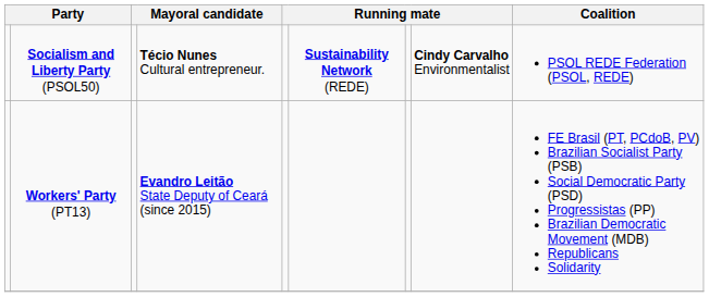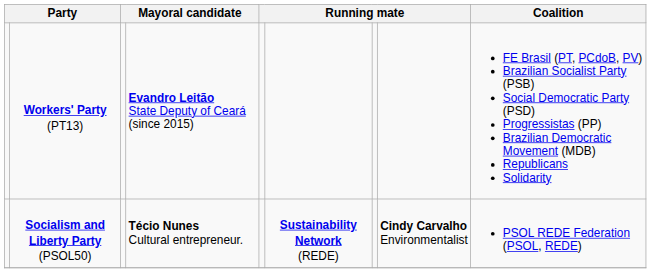 <table class="vertical-align-top wikitable">
 <tr>
 <th scope=colgroup colspan=2>Party</th>
 <th scope=colgroup colspan=2>Mayoral candidate</th>
 <th colspan="4">Running mate</th>
 <th scope="col">Coalition</th>
+</tr>
+<tr>
+<td style="background:"></td>
+<td style="text-align:center; line-height:1.3"><br><strong><a href='#'>Workers' Party</a></strong><br>(PT13)</td>
+<td></td>
+<td><strong><a href='#'>Evandro Leitão</a></strong><br><a href='#'>State Deputy of Ceará</a> (since 2015)</td>
+<td></td>
+<td></td>
+<td></td>
+<td></td>
+<td><br><ul><li><a href='#'>FE Brasil</a> (<a href='#'>PT</a>, <a href='#'>PCdoB</a>, <a href='#'>PV</a>)</li><li><a href='#'>Brazilian Socialist Party</a> (PSB)</li><li><a href='#'>Social Democratic Party</a> (PSD)</li><li><a href='#'>Progressistas</a> (PP)</li><li><a href='#'>Brazilian Democratic Movement</a> (MDB)</li><li><a href='#'>Republicans</a></li><li><a href='#'>Solidarity</a></li></ul></td>
 </tr>
 <tr>
 <td style="background:"></td>
 <td style="text-align:center; line-height:1.3"><br><strong><a href='#'>Socialism and Liberty Party</a></strong><br>(PSOL50)</td>
 <td></td>
 <td><strong>Técio Nunes</strong><br>Cultural entrepreneur.</td>
 <td style="background:"></td>
 <td style="text-align:center; line-height:1.3"><br><strong><a href='#'>Sustainability Network</a></strong><br>(REDE)</td>
 <td></td>
 <td><strong>Cindy Carvalho</strong><br>Environmentalist</td>
 <td><br><ul><li><a href='#'>PSOL REDE Federation</a> (<a href='#'>PSOL</a>, <a href='#'>REDE</a>)</li></ul></td>
 </tr>
 <tr>
-<td style="background:"></td>
-<td style="text-align:center; line-height:1.3"><br><strong><a href='#'>Workers' Party</a></strong><br>(PT13)</td>
-<td></td>
-<td><strong><a href='#'>Evandro Leitão</a></strong><br><a href='#'>State Deputy of Ceará</a> (since 2015)</td>
-<td></td>
-<td></td>
-<td></td>
-<td></td>
-<td><br><ul><li><a href='#'>FE Brasil</a> (<a href='#'>PT</a>, <a href='#'>PCdoB</a>, <a href='#'>PV</a>)</li><li><a href='#'>Brazilian Socialist Party</a> (PSB)</li><li><a href='#'>Social Democratic Party</a> (PSD)</li><li><a href='#'>Progressistas</a> (PP)</li><li><a href='#'>Brazilian Democratic Movement</a> (MDB)</li><li><a href='#'>Republicans</a></li><li><a href='#'>Solidarity</a></li></ul></td>
-</tr>
-<tr>
 </tr>
 </table>
